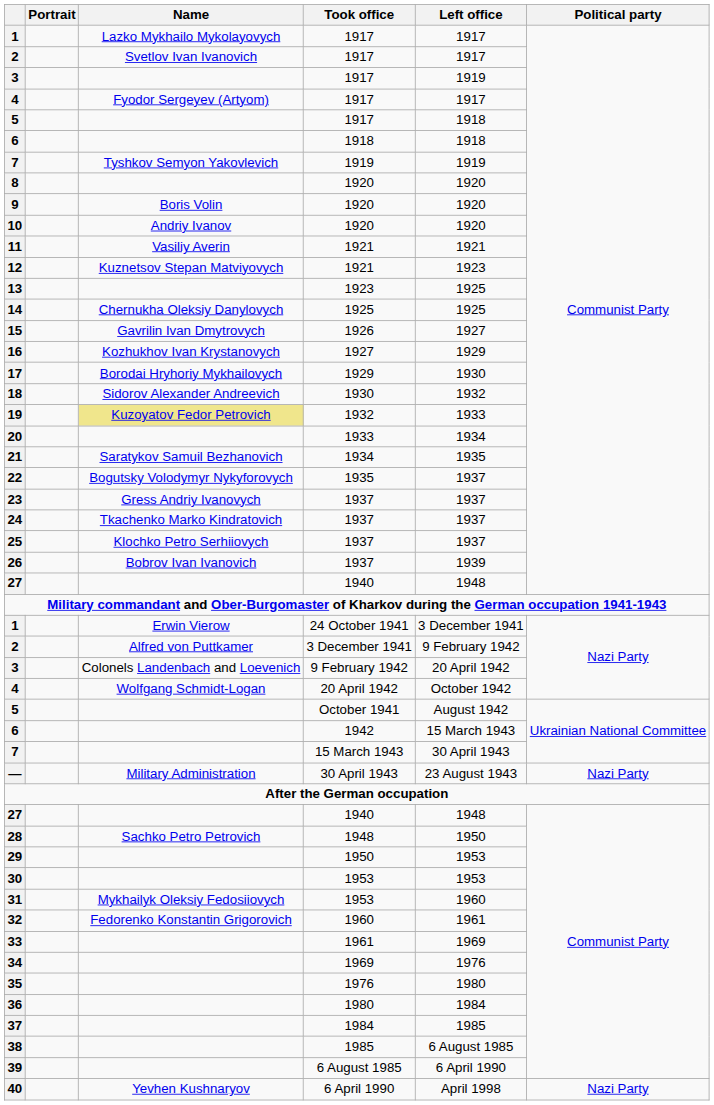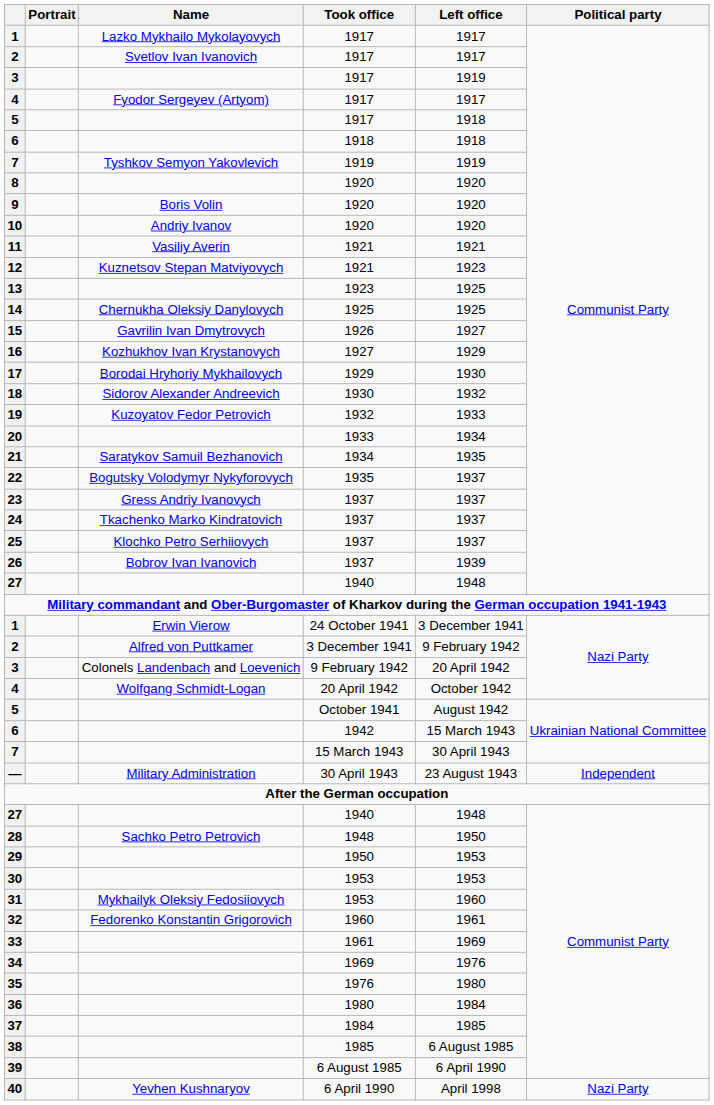 <table class="wikitable" style="text-align:center">
 <tr>
 <th></th>
 <th>Portrait</th>
 <th>Name</th>
 <th>Took office</th>
 <th>Left office</th>
 <th>Political party</th>
 </tr>
 <tr>
 <th style="background:">1</th>
 <td></td>
 <td><a href='#'>Lazko Mykhailo Mykolayovych</a></td>
 <td>1917</td>
 <td>1917</td>
 <td rowspan="27"><a href='#'>Communist Party</a></td>
 </tr>
 <tr>
 <th style="background:">2</th>
 <td></td>
 <td><a href='#'>Svetlov Ivan Ivanovich</a></td>
 <td>1917</td>
 <td>1917</td>
 </tr>
 <tr>
 <th style="background:">3</th>
 <td></td>
 <td></td>
 <td>1917</td>
 <td>1919</td>
 </tr>
 <tr>
 <th style="background:">4</th>
 <td></td>
 <td><a href='#'>Fyodor Sergeyev (Artyom)</a></td>
 <td>1917</td>
 <td>1917</td>
 </tr>
 <tr>
 <th style="background:">5</th>
 <td></td>
 <td></td>
 <td>1917</td>
 <td>1918</td>
 </tr>
 <tr>
 <th style="background:">6</th>
 <td></td>
 <td></td>
 <td>1918</td>
 <td>1918</td>
 </tr>
 <tr>
 <th style="background:">7</th>
 <td></td>
 <td><a href='#'>Tyshkov Semyon Yakovlevich</a></td>
 <td>1919</td>
 <td>1919</td>
 </tr>
 <tr>
 <th style="background:">8</th>
 <td></td>
 <td></td>
 <td>1920</td>
 <td>1920</td>
 </tr>
 <tr>
 <th style="background:">9</th>
 <td></td>
 <td><a href='#'>Boris Volin</a></td>
 <td>1920</td>
 <td>1920</td>
 </tr>
 <tr>
 <th style="background:">10</th>
 <td></td>
 <td><a href='#'>Andriy Ivanov</a></td>
 <td>1920</td>
 <td>1920</td>
 </tr>
 <tr>
 <th style="background:">11</th>
 <td></td>
 <td><a href='#'>Vasiliy Averin</a></td>
 <td>1921</td>
 <td>1921</td>
 </tr>
 <tr>
 <th style="background:">12</th>
 <td></td>
 <td><a href='#'>Kuznetsov Stepan Matviyovych</a></td>
 <td>1921</td>
 <td>1923</td>
 </tr>
 <tr>
 <th style="background:">13</th>
 <td></td>
 <td></td>
 <td>1923</td>
 <td>1925</td>
 </tr>
 <tr>
 <th style="background:">14</th>
 <td></td>
 <td><a href='#'>Chernukha Oleksiy Danylovych</a></td>
 <td>1925</td>
 <td>1925</td>
 </tr>
 <tr>
 <th style="background:">15</th>
 <td></td>
 <td><a href='#'>Gavrilin Ivan Dmytrovych</a></td>
 <td>1926</td>
 <td>1927</td>
 </tr>
 <tr>
 <th style="background:">16</th>
 <td></td>
 <td><a href='#'>Kozhukhov Ivan Krystanovych</a></td>
 <td>1927</td>
 <td>1929</td>
 </tr>
 <tr>
 <th style="background:">17</th>
 <td></td>
 <td><a href='#'>Borodai Hryhoriy Mykhailovych</a></td>
 <td>1929</td>
 <td>1930</td>
 </tr>
 <tr>
 <th style="background:">18</th>
 <td></td>
 <td><a href='#'>Sidorov Alexander Andreevich</a></td>
 <td>1930</td>
 <td>1932</td>
 </tr>
 <tr>
 <th style="background:">19</th>
 <td></td>
-<td style="background: khaki;"><a href='#'>Kuzoyatov Fedor Petrovich</a></td>
+<td><a href='#'>Kuzoyatov Fedor Petrovich</a></td>
 <td>1932</td>
 <td>1933</td>
 </tr>
 <tr>
 <th style="background:">20</th>
 <td></td>
 <td></td>
 <td>1933</td>
 <td>1934</td>
 </tr>
 <tr>
 <th style="background:">21</th>
 <td></td>
 <td><a href='#'>Saratykov Samuil Bezhanovich</a></td>
 <td>1934</td>
 <td>1935</td>
 </tr>
 <tr>
 <th style="background:">22</th>
 <td></td>
 <td><a href='#'>Bogutsky Volodymyr Nykyforovych</a></td>
 <td>1935</td>
 <td>1937</td>
 </tr>
 <tr>
 <th style="background:">23</th>
 <td></td>
 <td><a href='#'>Gress Andriy Ivanovych</a></td>
 <td>1937</td>
 <td>1937</td>
 </tr>
 <tr>
 <th style="background:">24</th>
 <td></td>
 <td><a href='#'>Tkachenko Marko Kindratovich</a></td>
 <td>1937</td>
 <td>1937</td>
 </tr>
 <tr>
 <th style="background:">25</th>
 <td></td>
 <td><a href='#'>Klochko Petro Serhiiovych</a></td>
 <td>1937</td>
 <td>1937</td>
 </tr>
 <tr>
 <th style="background:">26</th>
 <td></td>
 <td><a href='#'>Bobrov Ivan Ivanovich</a></td>
 <td>1937</td>
 <td>1939</td>
 </tr>
 <tr>
 <th style="background:">27</th>
 <td></td>
 <td></td>
 <td>1940</td>
 <td>1948</td>
 </tr>
 <tr>
 <td colspan="6"><strong><a href='#'>Military commandant</a> and <a href='#'>Ober-Burgomaster</a> of Kharkov during the <a href='#'>German occupation 1941-1943</a></strong></td>
 </tr>
 <tr>
 <th style="background:">1</th>
 <td></td>
 <td><a href='#'>Erwin Vierow</a></td>
 <td>24 October 1941</td>
 <td>3 December 1941</td>
 <td rowspan="4"><a href='#'>Nazi Party</a></td>
 </tr>
 <tr>
 <th style="background:">2</th>
 <td></td>
 <td><a href='#'>Alfred von Puttkamer</a></td>
 <td>3 December 1941</td>
 <td>9 February 1942</td>
 </tr>
 <tr>
 <th style="background:">3</th>
 <td></td>
 <td>Colonels <a href='#'>Landenbach</a> and <a href='#'>Loevenich</a></td>
 <td>9 February 1942</td>
 <td>20 April 1942</td>
 </tr>
 <tr>
 <th style="background:">4</th>
 <td></td>
 <td><a href='#'>Wolfgang Schmidt-Logan</a></td>
 <td>20 April 1942</td>
 <td>October 1942</td>
 </tr>
 <tr>
 <th style="background:">5</th>
 <td></td>
 <td></td>
 <td>October 1941</td>
 <td>August 1942</td>
 <td rowspan="3"><a href='#'>Ukrainian National Committee</a></td>
 </tr>
 <tr>
 <th style="background:">6</th>
 <td></td>
 <td></td>
 <td>1942</td>
 <td>15 March 1943</td>
 </tr>
 <tr>
 <th style="background:">7</th>
 <td></td>
 <td></td>
 <td>15 March 1943</td>
 <td>30 April 1943</td>
 </tr>
 <tr>
 <th style="background:">—</th>
 <td></td>
 <td><a href='#'>Military Administration</a></td>
 <td>30 April 1943</td>
 <td>23 August 1943</td>
-<td><a href='#'>Nazi Party</a></td>
+<td><a href='#'>Independent</a></td>
 </tr>
 <tr>
 <td colspan="6"><strong>After the German occupation</strong></td>
 </tr>
 <tr>
 <th style="background:">27</th>
 <td></td>
 <td></td>
 <td>1940</td>
 <td>1948</td>
 <td rowspan="13"><a href='#'>Communist Party</a></td>
 </tr>
 <tr>
 <th style="background:">28</th>
 <td></td>
 <td><a href='#'>Sachko Petro Petrovich</a></td>
 <td>1948</td>
 <td>1950</td>
 </tr>
 <tr>
 <th style="background:">29</th>
 <td></td>
 <td></td>
 <td>1950</td>
 <td>1953</td>
 </tr>
 <tr>
 <th style="background:">30</th>
 <td></td>
 <td></td>
 <td>1953</td>
 <td>1953</td>
 </tr>
 <tr>
 <th style="background:">31</th>
 <td></td>
 <td><a href='#'>Mykhailyk Oleksiy Fedosiiovych</a></td>
 <td>1953</td>
 <td>1960</td>
 </tr>
 <tr>
 <th style="background:">32</th>
 <td></td>
 <td><a href='#'>Fedorenko Konstantin Grigorovich</a></td>
 <td>1960</td>
 <td>1961</td>
 </tr>
 <tr>
 <th style="background:">33</th>
 <td></td>
 <td></td>
 <td>1961</td>
 <td>1969</td>
 </tr>
 <tr>
 <th style="background:">34</th>
 <td></td>
 <td></td>
 <td>1969</td>
 <td>1976</td>
 </tr>
 <tr>
 <th style="background:">35</th>
 <td></td>
 <td></td>
 <td>1976</td>
 <td>1980</td>
 </tr>
 <tr>
 <th style="background:">36</th>
 <td></td>
 <td></td>
 <td>1980</td>
 <td>1984</td>
 </tr>
 <tr>
 <th style="background:">37</th>
 <td></td>
 <td></td>
 <td>1984</td>
 <td>1985</td>
 </tr>
 <tr>
 <th style="background:">38</th>
 <td></td>
 <td></td>
 <td>1985</td>
 <td>6 August 1985</td>
 </tr>
 <tr>
 <th style="background:">39</th>
 <td></td>
 <td></td>
 <td>6 August 1985</td>
 <td>6 April 1990</td>
 </tr>
 <tr>
 <th style="background:">40</th>
 <td></td>
 <td><a href='#'>Yevhen Kushnaryov</a></td>
 <td>6 April 1990</td>
 <td>April 1998</td>
 <td><a href='#'>Nazi Party</a></td>
 </tr>
 </table>
